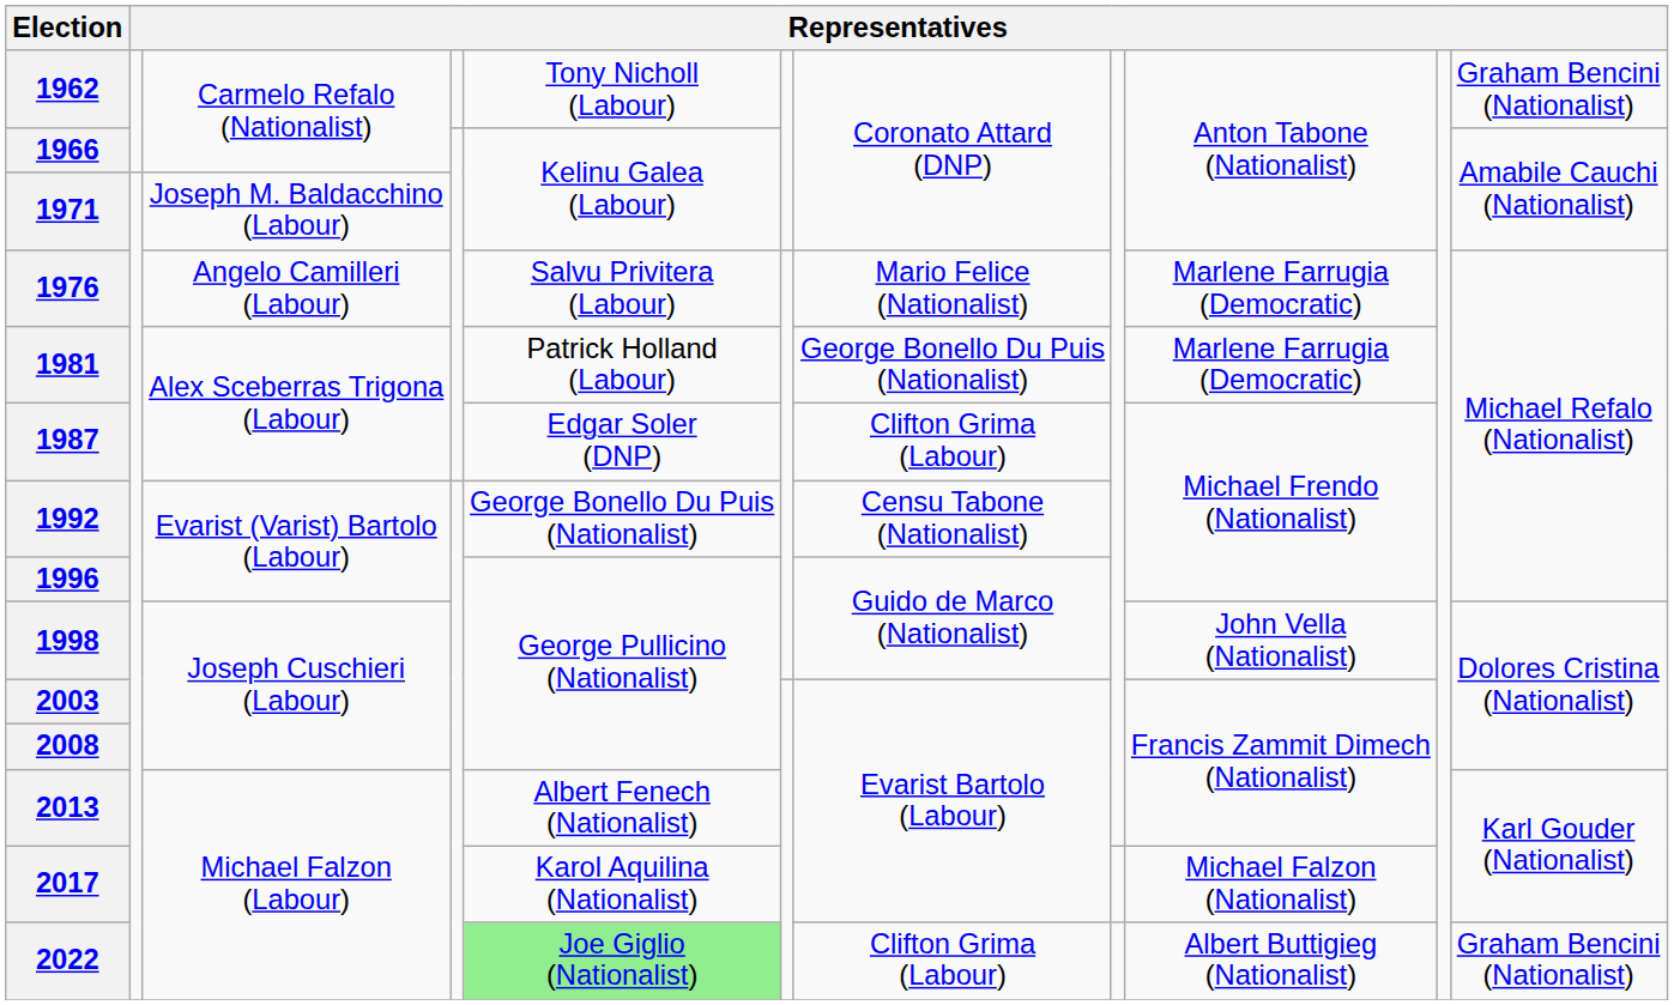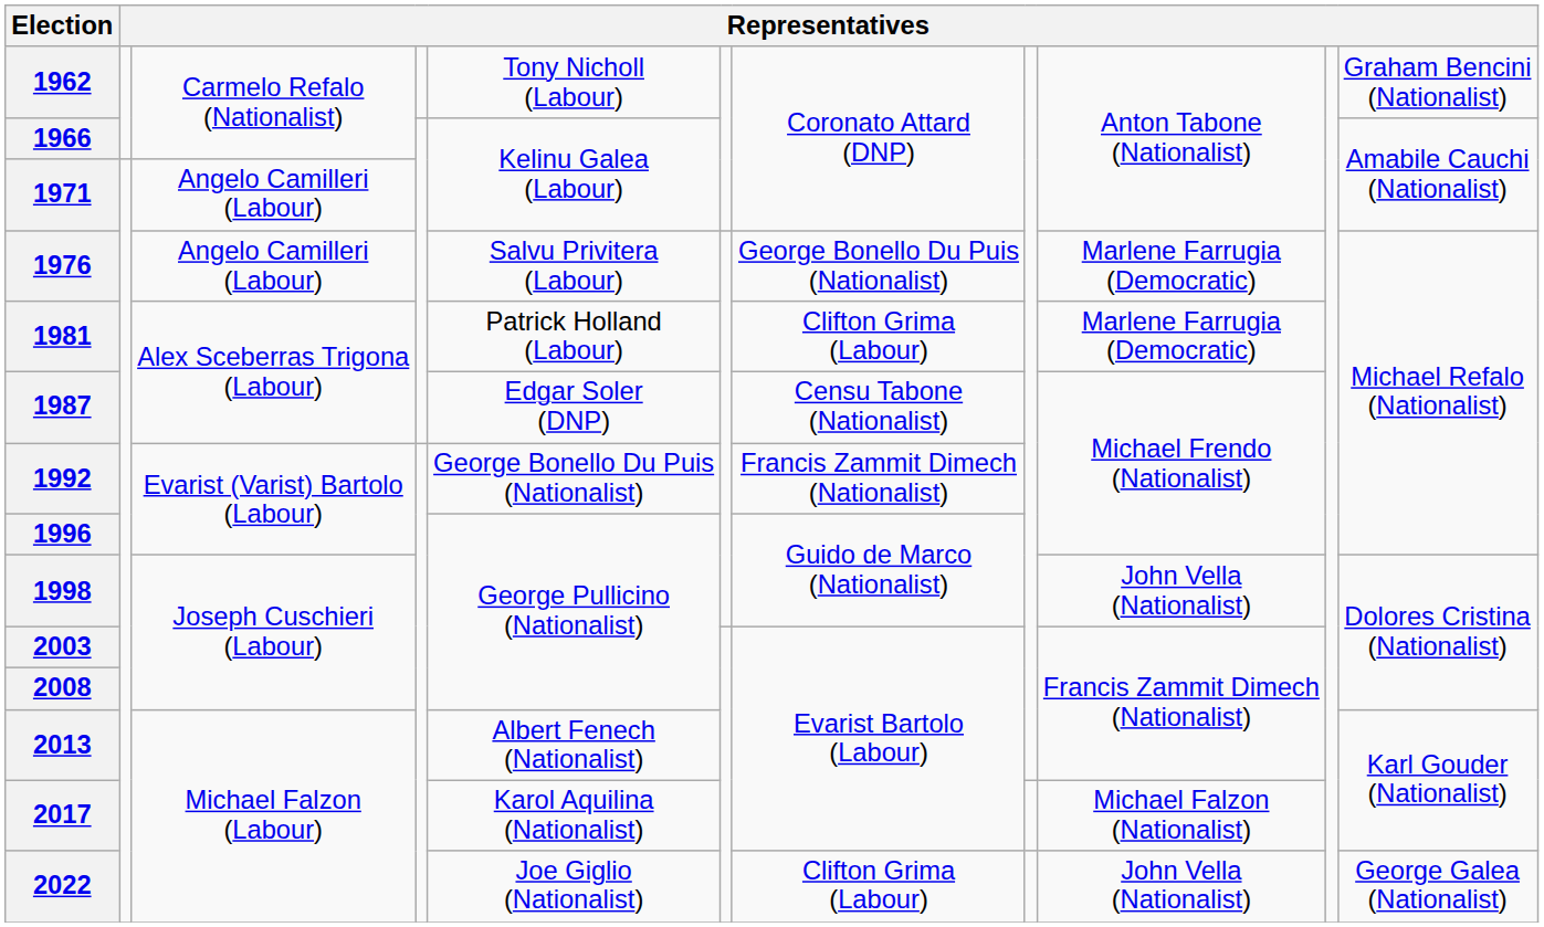 <table class="wikitable" style="text-align:center">
 <tr>
 <th>Election</th>
 <th colspan=10>Representatives</th>
 </tr>
 <tr>
 <th><a href='#'>1962</a></th>
 <td rowspan=2; style="background-color: "></td>
 <td rowspan=2><a href='#'>Carmelo Refalo</a><br>(<a href='#'>Nationalist</a>)</td>
 <td rowspan=1; style="background-color: "></td>
 <td rowspan=1><a href='#'>Tony Nicholl</a><br>(<a href='#'>Labour</a>)</td>
 <td rowspan=3; style="background-color: "></td>
 <td rowspan=3><a href='#'>Coronato Attard</a><br>(<a href='#'>DNP</a>)</td>
 <td rowspan=12; style="background-color: "></td>
 <td rowspan=3><a href='#'>Anton Tabone</a><br>(<a href='#'>Nationalist</a>)</td>
 <td rowspan=14; style="background-color: "></td>
 <td><a href='#'>Graham Bencini</a><br>(<a href='#'>Nationalist</a>)</td>
 </tr>
 <tr>
 <th><a href='#'>1966</a></th>
 <td rowspan=5; style="background-color: "></td>
 <td rowspan=2><a href='#'>Kelinu Galea</a><br>(<a href='#'>Labour</a>)</td>
 <td rowspan=2><a href='#'>Amabile Cauchi</a><br>(<a href='#'>Nationalist</a>)</td>
 </tr>
 <tr>
 <th><a href='#'>1971</a></th>
 <td rowspan=12; style="background-color: "></td>
-<td rowspan=1><a href='#'>Joseph M. Baldacchino</a><br>(<a href='#'>Labour</a>)</td>
+<td rowspan=1><a href='#'>Angelo Camilleri</a><br>(<a href='#'>Labour</a>)</td>
 </tr>
 <tr>
 <th><a href='#'>1976</a></th>
 <td rowspan=1><a href='#'>Angelo Camilleri</a><br>(<a href='#'>Labour</a>)</td>
 <td rowspan=1><a href='#'>Salvu Privitera</a><br>(<a href='#'>Labour</a>)</td>
 <td rowspan=6; style="background-color: "></td>
-<td rowspan=1><a href='#'>Mario Felice</a><br>(<a href='#'>Nationalist</a>)</td>
+<td rowspan=1><a href='#'>George Bonello Du Puis</a><br>(<a href='#'>Nationalist</a>)</td>
 <td><a href='#'>Marlene Farrugia</a><br>(<a href='#'>Democratic</a>)</td>
 <td rowspan=5><a href='#'>Michael Refalo</a><br>(<a href='#'>Nationalist</a>)</td>
 </tr>
 <tr>
 <th><a href='#'>1981</a></th>
 <td rowspan=2><a href='#'>Alex Sceberras Trigona</a><br>(<a href='#'>Labour</a>)</td>
 <td rowspan=1>Patrick Holland<br>(<a href='#'>Labour</a>)</td>
-<td rowspan=1><a href='#'>George Bonello Du Puis</a><br>(<a href='#'>Nationalist</a>)</td>
+<td><a href='#'>Clifton Grima</a><br>(<a href='#'>Labour</a>)</td>
 <td><a href='#'>Marlene Farrugia</a><br>(<a href='#'>Democratic</a>)</td>
 </tr>
 <tr>
 <th><a href='#'>1987</a></th>
 <td rowspan=1><a href='#'>Edgar Soler</a><br>(<a href='#'>DNP</a>)</td>
-<td><a href='#'>Clifton Grima</a><br>(<a href='#'>Labour</a>)</td>
+<td rowspan=1><a href='#'>Censu Tabone</a><br>(<a href='#'>Nationalist</a>)</td>
 <td rowspan=3><a href='#'>Michael Frendo</a><br>(<a href='#'>Nationalist</a>)</td>
 </tr>
 <tr>
 <th><a href='#'>1992</a></th>
 <td rowspan=2><a href='#'>Evarist (Varist) Bartolo</a><br>(<a href='#'>Labour</a>)</td>
 <td rowspan=8; style="background-color: "></td>
 <td rowspan=1><a href='#'>George Bonello Du Puis</a><br>(<a href='#'>Nationalist</a>)</td>
-<td rowspan=1><a href='#'>Censu Tabone</a><br>(<a href='#'>Nationalist</a>)</td>
+<td rowspan=1><a href='#'>Francis Zammit Dimech</a><br>(<a href='#'>Nationalist</a>)</td>
 </tr>
 <tr>
 <th><a href='#'>1996</a></th>
 <td rowspan=4><a href='#'>George Pullicino</a><br>(<a href='#'>Nationalist</a>)</td>
 <td rowspan=2><a href='#'>Guido de Marco</a><br>(<a href='#'>Nationalist</a>)</td>
 </tr>
 <tr>
 <th><a href='#'>1998</a></th>
 <td rowspan=3><a href='#'>Joseph Cuschieri</a><br>(<a href='#'>Labour</a>)</td>
 <td rowspan=1><a href='#'>John Vella</a><br>(<a href='#'>Nationalist</a>)</td>
 <td rowspan=3><a href='#'>Dolores Cristina</a><br>(<a href='#'>Nationalist</a>)</td>
 </tr>
 <tr>
 <th><a href='#'>2003</a></th>
 <td rowspan=5; style="background-color: "></td>
 <td rowspan=4><a href='#'>Evarist Bartolo</a><br>(<a href='#'>Labour</a>)</td>
 <td rowspan=3><a href='#'>Francis Zammit Dimech</a><br>(<a href='#'>Nationalist</a>)</td>
 </tr>
 <tr>
 <th><a href='#'>2008</a></th>
 </tr>
 <tr>
 <th><a href='#'>2013</a></th>
 <td rowspan=3><a href='#'>Michael Falzon</a><br>(<a href='#'>Labour</a>)</td>
 <td><a href='#'>Albert Fenech</a><br>(<a href='#'>Nationalist</a>)</td>
 <td rowspan=2><a href='#'>Karl Gouder</a><br>(<a href='#'>Nationalist</a>)</td>
 </tr>
 <tr>
 <th><a href='#'>2017</a></th>
 <td><a href='#'>Karol Aquilina</a><br>(<a href='#'>Nationalist</a>)</td>
 <td rowspan=1; style="background-color: "></td>
 <td rowspan=1><a href='#'>Michael Falzon</a><br>(<a href='#'>Nationalist</a>)</td>
 </tr>
 <tr>
 <th><a href='#'>2022</a></th>
-<td style="background: lightgreen;"><a href='#'>Joe Giglio</a><br>(<a href='#'>Nationalist</a>)</td>
+<td><a href='#'>Joe Giglio</a><br>(<a href='#'>Nationalist</a>)</td>
 <td><a href='#'>Clifton Grima</a><br>(<a href='#'>Labour</a>)</td>
 <td rowspan=1; style="background-color: "></td>
-<td><a href='#'>Albert Buttigieg</a><br>(<a href='#'>Nationalist</a>)</td>
-<td><a href='#'>Graham Bencini</a><br>(<a href='#'>Nationalist</a>)</td>
+<td rowspan=1><a href='#'>John Vella</a><br>(<a href='#'>Nationalist</a>)</td>
+<td rowspan=1><a href='#'>George Galea</a><br>(<a href='#'>Nationalist</a>)</td>
 </tr>
 </table>
